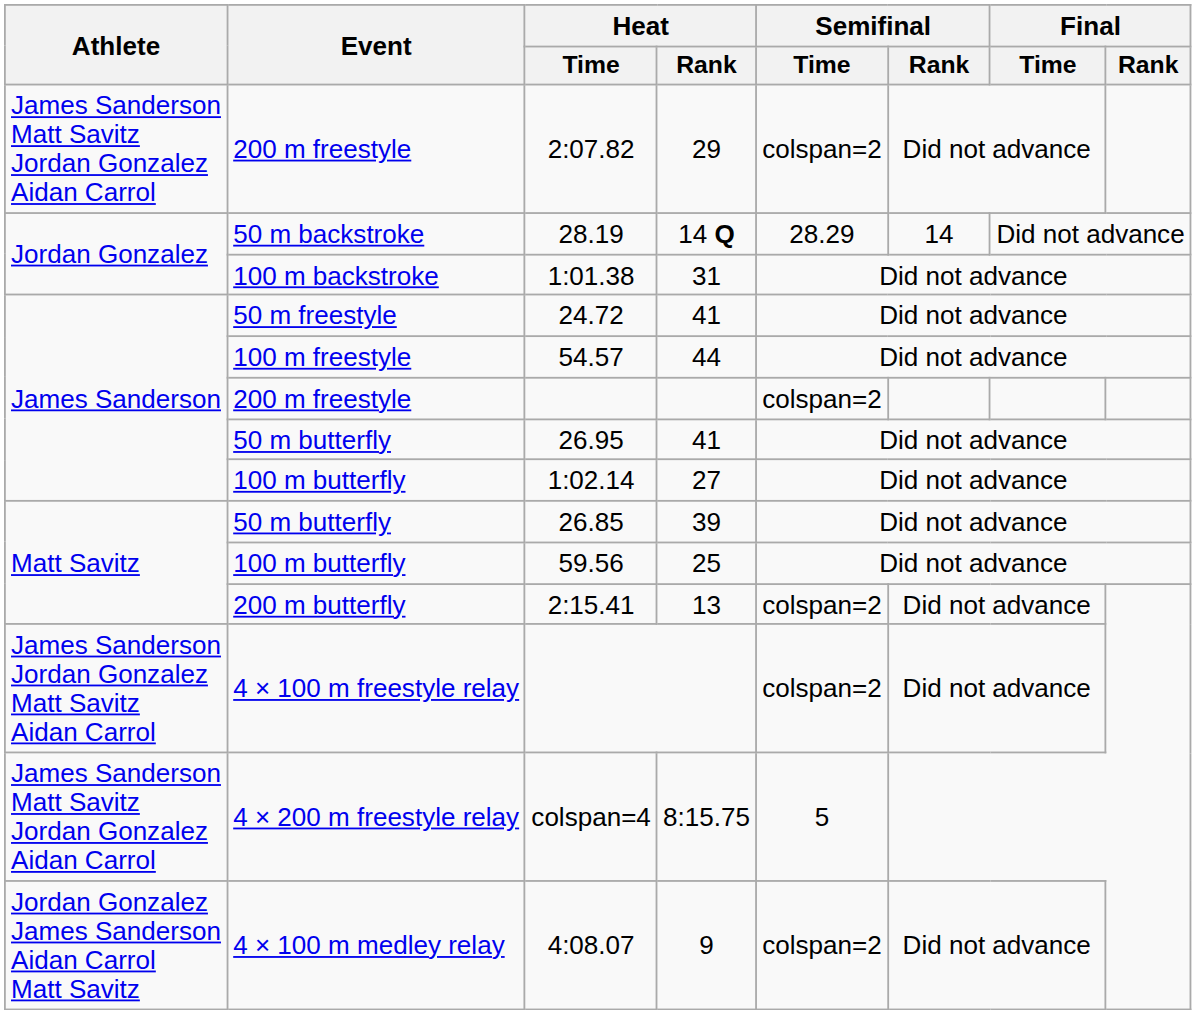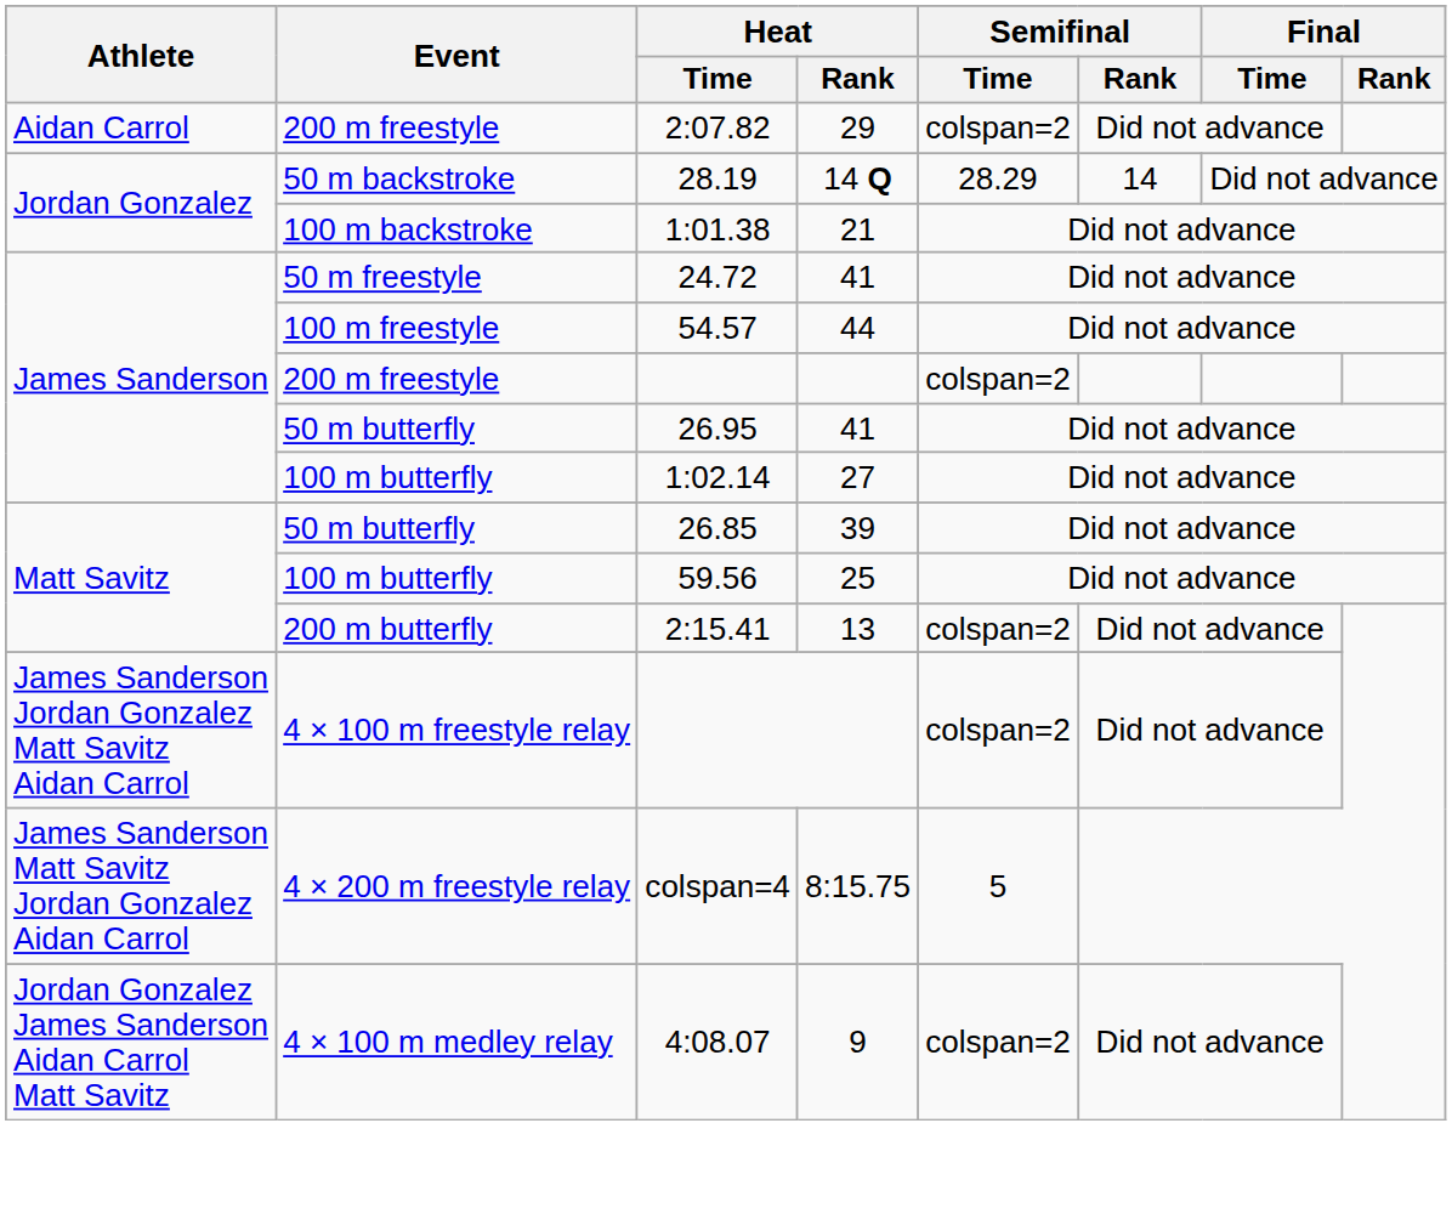 <table class=wikitable style=font-size:90%>
 <tr>
 <th rowspan=2>Athlete</th>
 <th rowspan=2>Event</th>
 <th colspan=2>Heat</th>
 <th colspan=2>Semifinal</th>
 <th colspan=2>Final</th>
 </tr>
 <tr style=font-size:95%>
 <th>Time</th>
 <th>Rank</th>
 <th>Time</th>
 <th>Rank</th>
 <th>Time</th>
 <th>Rank</th>
 </tr>
 <tr align=center>
-<td align=left><a href='#'>James Sanderson</a><br><a href='#'>Matt Savitz</a><br><a href='#'>Jordan Gonzalez</a><br><a href='#'>Aidan Carrol</a></td>
+<td align=left><a href='#'>Aidan Carrol</a></td>
 <td align=left><a href='#'>200 m freestyle</a></td>
 <td>2:07.82</td>
 <td>29</td>
 <td>colspan=2 </td>
 <td colspan=2>Did not advance</td>
 </tr>
 <tr align=center>
 <td align=left rowspan=2><a href='#'>Jordan Gonzalez</a></td>
 <td align=left><a href='#'>50 m backstroke</a></td>
 <td>28.19</td>
 <td>14 <strong>Q</strong></td>
 <td>28.29</td>
 <td>14</td>
 <td colspan=2>Did not advance</td>
 </tr>
 <tr align=center>
 <td align=left><a href='#'>100 m backstroke</a></td>
 <td>1:01.38</td>
-<td>31</td>
+<td>21</td>
 <td colspan=4>Did not advance</td>
 </tr>
 <tr align=center>
 <td align=left rowspan=5><a href='#'>James Sanderson</a></td>
 <td align=left><a href='#'>50 m freestyle</a></td>
 <td>24.72</td>
 <td>41</td>
 <td colspan=4>Did not advance</td>
 </tr>
 <tr align=center>
 <td align=left><a href='#'>100 m freestyle</a></td>
 <td>54.57</td>
 <td>44</td>
 <td colspan=4>Did not advance</td>
 </tr>
 <tr align=center>
 <td align=left><a href='#'>200 m freestyle</a></td>
 <td></td>
 <td></td>
 <td>colspan=2 </td>
 <td></td>
 <td></td>
 </tr>
 <tr align=center>
 <td align=left><a href='#'>50 m butterfly</a></td>
 <td>26.95</td>
 <td>41</td>
 <td colspan=4>Did not advance</td>
 </tr>
 <tr align=center>
 <td align=left><a href='#'>100 m butterfly</a></td>
 <td>1:02.14</td>
 <td>27</td>
 <td colspan=4>Did not advance</td>
 </tr>
 <tr align=center>
 <td align=left rowspan=3><a href='#'>Matt Savitz</a></td>
 <td align=left><a href='#'>50 m butterfly</a></td>
 <td>26.85</td>
 <td>39</td>
 <td colspan=4>Did not advance</td>
 </tr>
 <tr align=center>
 <td align=left><a href='#'>100 m butterfly</a></td>
 <td>59.56</td>
 <td>25</td>
 <td colspan=4>Did not advance</td>
 </tr>
 <tr align=center>
 <td align=left><a href='#'>200 m butterfly</a></td>
 <td>2:15.41</td>
 <td>13</td>
 <td>colspan=2 </td>
 <td colspan=2>Did not advance</td>
 </tr>
 <tr align=center>
 <td align=left><a href='#'>James Sanderson</a><br><a href='#'>Jordan Gonzalez</a><br><a href='#'>Matt Savitz</a><br><a href='#'>Aidan Carrol</a></td>
 <td align=left><a href='#'>4 × 100 m freestyle relay</a></td>
 <td colspan=2></td>
 <td>colspan=2 </td>
 <td colspan=2>Did not advance</td>
 </tr>
 <tr align=center>
 <td align=left><a href='#'>James Sanderson</a><br><a href='#'>Matt Savitz</a><br><a href='#'>Jordan Gonzalez</a><br><a href='#'>Aidan Carrol</a></td>
 <td align=left><a href='#'>4 × 200 m freestyle relay</a></td>
 <td>colspan=4 </td>
 <td>8:15.75</td>
 <td>5</td>
 </tr>
 <tr align=center>
 <td align=left><a href='#'>Jordan Gonzalez</a><br><a href='#'>James Sanderson</a><br><a href='#'>Aidan Carrol</a><br><a href='#'>Matt Savitz</a></td>
 <td align=left><a href='#'>4 × 100 m medley relay</a></td>
 <td>4:08.07</td>
 <td>9</td>
 <td>colspan=2 </td>
 <td colspan=2>Did not advance</td>
 </tr>
 </table>
